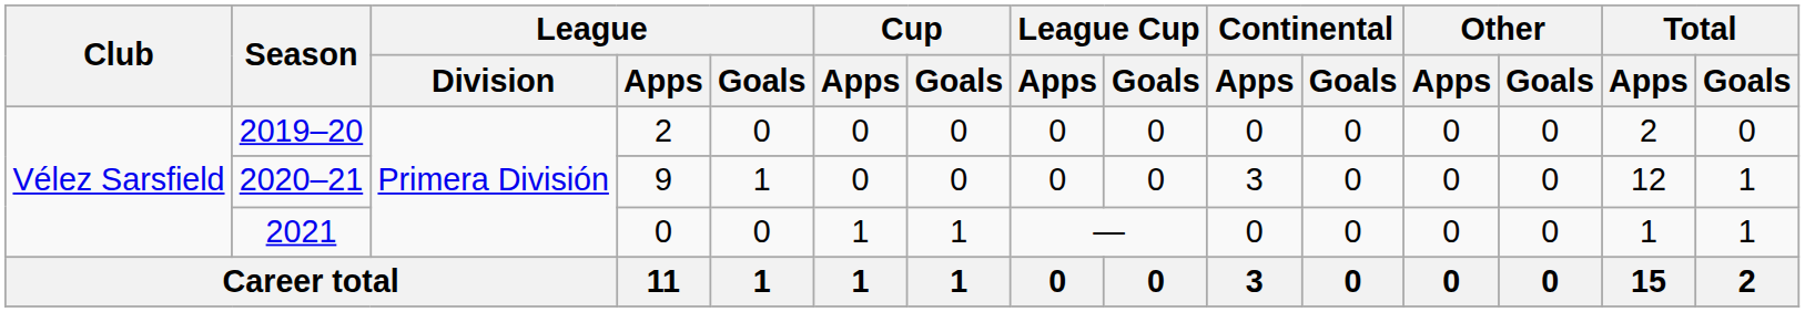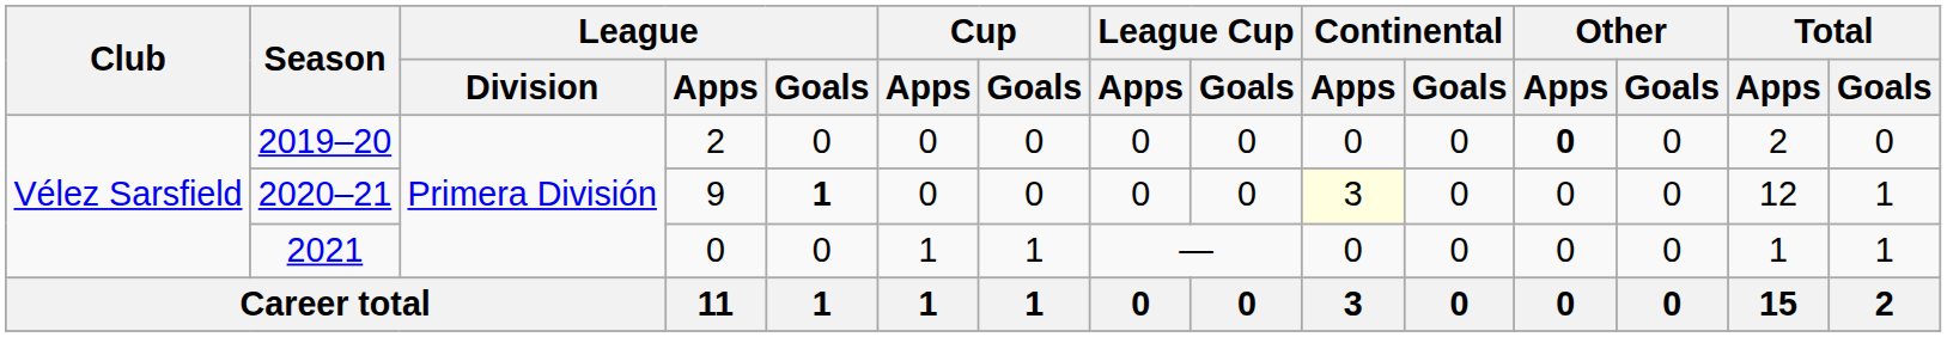 <table class="wikitable" style="text-align:center">
 <tr>
 <th rowspan="2">Club</th>
 <th rowspan="2">Season</th>
 <th colspan="3">League</th>
 <th colspan="2">Cup</th>
 <th colspan="2">League Cup</th>
 <th colspan="2">Continental</th>
 <th colspan="2">Other</th>
 <th colspan="2">Total</th>
 </tr>
 <tr>
 <th>Division</th>
 <th>Apps</th>
 <th>Goals</th>
 <th>Apps</th>
 <th>Goals</th>
 <th>Apps</th>
 <th>Goals</th>
 <th>Apps</th>
 <th>Goals</th>
 <th>Apps</th>
 <th>Goals</th>
 <th>Apps</th>
 <th>Goals</th>
 </tr>
 <tr>
 <td rowspan="3"><a href='#'>Vélez Sarsfield</a></td>
 <td><a href='#'>2019–20</a></td>
 <td rowspan="3"><a href='#'>Primera División</a></td>
 <td>2</td>
 <td>0</td>
 <td>0</td>
 <td>0</td>
 <td>0</td>
 <td>0</td>
 <td>0</td>
 <td>0</td>
-<td>0</td>
+<td><strong>0</strong></td>
 <td>0</td>
 <td>2</td>
 <td>0</td>
 </tr>
 <tr>
 <td><a href='#'>2020–21</a></td>
 <td>9</td>
-<td>1</td>
+<td><strong>1</strong></td>
 <td>0</td>
 <td>0</td>
 <td>0</td>
 <td>0</td>
-<td>3</td>
+<td style="background: lightyellow;">3</td>
 <td>0</td>
 <td>0</td>
 <td>0</td>
 <td>12</td>
 <td>1</td>
 </tr>
 <tr>
 <td><a href='#'>2021</a></td>
 <td>0</td>
 <td>0</td>
 <td>1</td>
 <td>1</td>
 <td colspan="2">—</td>
 <td>0</td>
 <td>0</td>
 <td>0</td>
 <td>0</td>
 <td>1</td>
 <td>1</td>
 </tr>
 <tr>
 <th colspan="3">Career total</th>
 <th>11</th>
 <th>1</th>
 <th>1</th>
 <th>1</th>
 <th>0</th>
 <th>0</th>
 <th>3</th>
 <th>0</th>
 <th>0</th>
 <th>0</th>
 <th>15</th>
 <th>2</th>
 </tr>
 </table>
